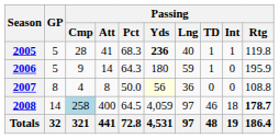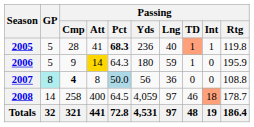 <table class="wikitable" style="text-align:center;">
 <tr>
 <th rowspan="2">Season</th>
 <th rowspan="2">GP</th>
 <th colspan="8">Passing</th>
 </tr>
 <tr>
 <th>Cmp</th>
 <th>Att</th>
 <th>Pct</th>
 <th>Yds</th>
 <th>Lng</th>
 <th>TD</th>
 <th>Int</th>
 <th>Rtg</th>
 </tr>
 <tr>
 <th><a href='#'>2005</a></th>
 <td>5</td>
 <td>28</td>
 <td>41</td>
-<td>68.3</td>
-<td><strong>236</strong></td>
+<td><strong>68.3</strong></td>
+<td>236</td>
 <td>40</td>
-<td>1</td>
+<td style="background: lightsalmon;">1</td>
 <td>1</td>
 <td>119.8</td>
 </tr>
 <tr>
 <th><a href='#'>2006</a></th>
 <td>5</td>
 <td>9</td>
-<td>14</td>
+<td style="background: gold;">14</td>
 <td>64.3</td>
 <td>180</td>
 <td>59</td>
 <td>1</td>
 <td>0</td>
 <td>195.9</td>
 </tr>
 <tr>
 <th><a href='#'>2007</a></th>
+<td style="background: paleturquoise;">8</td>
+<td><strong>4</strong></td>
 <td>8</td>
-<td>4</td>
-<td>8</td>
-<td>50.0</td>
-<td style="background: lightyellow;">56</td>
+<td style="background: lightblue;">50.0</td>
+<td>56</td>
 <td>36</td>
 <td>0</td>
 <td>0</td>
 <td>108.8</td>
 </tr>
 <tr>
 <th><a href='#'>2008</a></th>
 <td>14</td>
-<td style="background: lightblue;">258</td>
+<td>258</td>
 <td>400</td>
 <td>64.5</td>
 <td>4,059</td>
 <td>97</td>
 <td>46</td>
-<td>18</td>
-<td><strong>178.7</strong></td>
+<td style="background: lightsalmon;">18</td>
+<td>178.7</td>
 </tr>
 <tr>
 <th>Totals</th>
 <th>32</th>
 <th>321</th>
 <th>441</th>
 <th>72.8</th>
 <th>4,531</th>
 <th>97</th>
 <th>48</th>
 <th>19</th>
 <th>186.4</th>
 </tr>
 </table>
